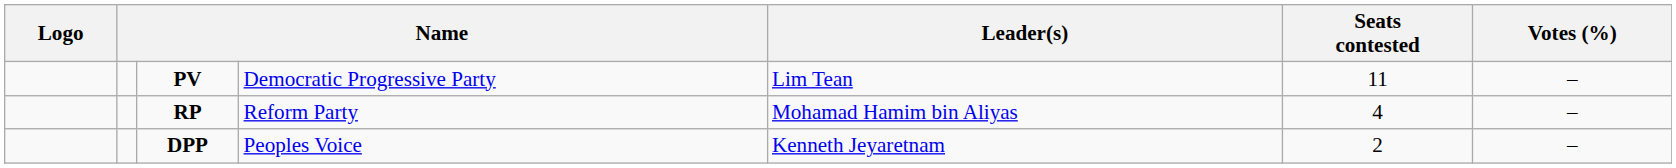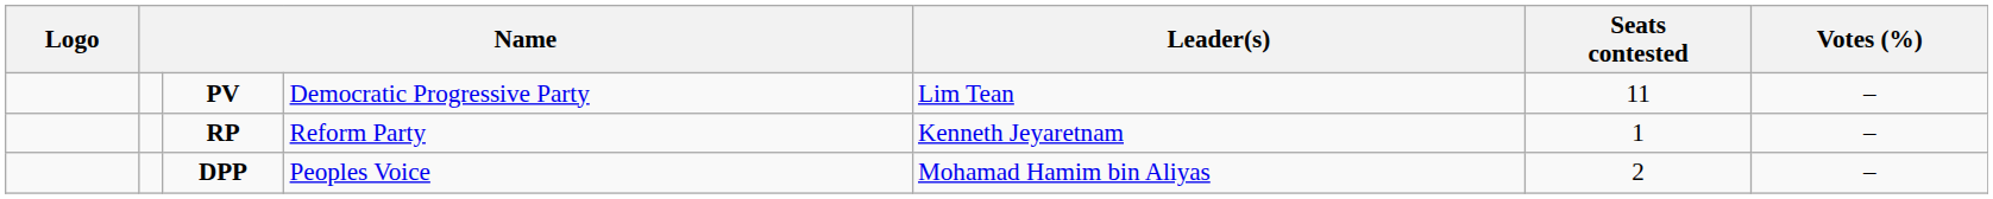 <table class="wikitable" style="width:100%;">
 <tr>
 <th rowspan="1">Logo</th>
 <th colspan="3" rowspan="1">Name</th>
 <th rowspan="1">Leader(s)</th>
 <th rowspan="1">Seats<br>contested</th>
 <th rowspan="1">Votes (%)</th>
 </tr>
 <tr>
 <td></td>
 <td style="background:"></td>
 <td style="text-align:center;"><strong>PV</strong></td>
 <td><a href='#'>Democratic Progressive Party</a></td>
 <td><a href='#'>Lim Tean</a></td>
 <td style="text-align:center;">11</td>
 <td style="text-align:center;">–</td>
 </tr>
 <tr>
 <td></td>
 <td style="background:"></td>
 <td style="text-align:center;"><strong>RP</strong></td>
 <td><a href='#'>Reform Party</a></td>
-<td><a href='#'>Mohamad Hamim bin Aliyas</a></td>
-<td style="text-align:center;">4</td>
+<td><a href='#'>Kenneth Jeyaretnam</a></td>
+<td style="text-align:center;">1</td>
 <td style="text-align:center;">–</td>
 </tr>
 <tr>
 <td></td>
 <td style="background:"></td>
 <td style="text-align:center;"><strong>DPP</strong></td>
 <td><a href='#'>Peoples Voice</a></td>
-<td><a href='#'>Kenneth Jeyaretnam</a></td>
+<td><a href='#'>Mohamad Hamim bin Aliyas</a></td>
 <td style="text-align:center;">2</td>
 <td style="text-align:center;">–</td>
 </tr>
 </table>
